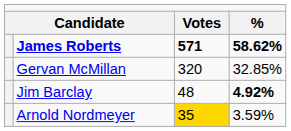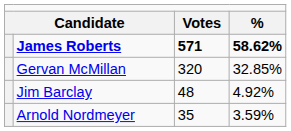 <table class="wikitable" style="font-size: 95%;">
 <tr>
 <td colspan=4></td>
 </tr>
 <tr style="background-color:#E9E9E9">
 <th colspan="2" style="width: 170px">Candidate</th>
 <th style="width: 50px">Votes</th>
 <th style="width: 40px">%</th>
 </tr>
 <tr>
 <th style="background-color: "></th>
 <td><strong><a href='#'>James Roberts</a></strong></td>
 <td><strong>571</strong></td>
 <td><strong>58.62%</strong></td>
 </tr>
 <tr>
 <th style="background-color: "></th>
 <td><a href='#'>Gervan McMillan</a></td>
 <td>320</td>
 <td>32.85%</td>
 </tr>
 <tr>
 <th style="background-color: "></th>
 <td><a href='#'>Jim Barclay</a></td>
 <td>48</td>
-<td><strong>4.92%</strong></td>
+<td>4.92%</td>
 </tr>
 <tr>
 <th style="background-color: "></th>
 <td><a href='#'>Arnold Nordmeyer</a></td>
-<td style="background: gold;">35</td>
+<td>35</td>
 <td>3.59%</td>
 </tr>
 </table>
